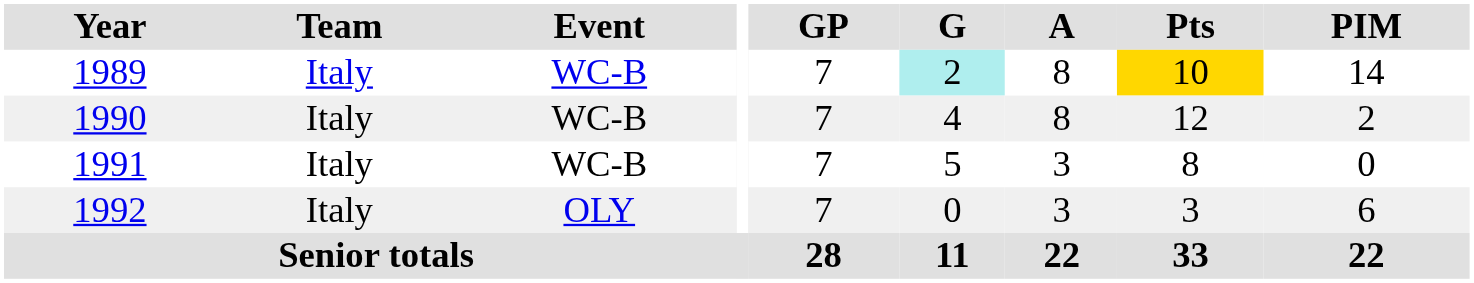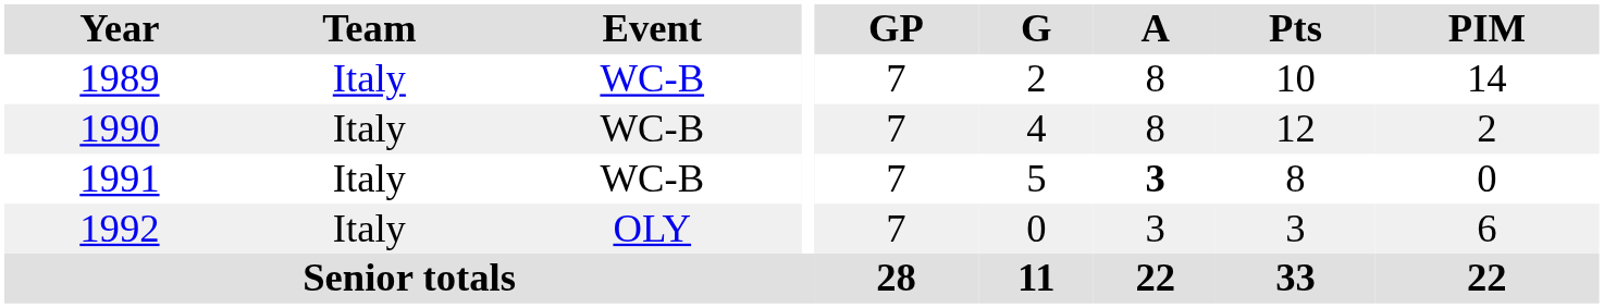 <table border="0" cellpadding="1" cellspacing="0" ID="Table3" style="text-align:center; width:40em">
 <tr bgcolor="#e0e0e0">
 <th>Year</th>
 <th>Team</th>
 <th>Event</th>
 <th rowspan="102" bgcolor="#ffffff"></th>
 <th>GP</th>
 <th>G</th>
 <th>A</th>
 <th>Pts</th>
 <th>PIM</th>
 </tr>
 <tr>
 <td><a href='#'>1989</a></td>
 <td><a href='#'>Italy</a></td>
 <td><a href='#'>WC-B</a></td>
 <td>7</td>
-<td style="background: paleturquoise;">2</td>
+<td>2</td>
 <td>8</td>
-<td style="background: gold;">10</td>
+<td>10</td>
 <td>14</td>
 </tr>
 <tr bgcolor="#f0f0f0">
 <td><a href='#'>1990</a></td>
 <td>Italy</td>
 <td>WC-B</td>
 <td>7</td>
 <td>4</td>
 <td>8</td>
 <td>12</td>
 <td>2</td>
 </tr>
 <tr>
 <td><a href='#'>1991</a></td>
 <td>Italy</td>
 <td>WC-B</td>
 <td>7</td>
 <td>5</td>
-<td>3</td>
+<td><strong>3</strong></td>
 <td>8</td>
 <td>0</td>
 </tr>
 <tr bgcolor="#f0f0f0">
 <td><a href='#'>1992</a></td>
 <td>Italy</td>
 <td><a href='#'>OLY</a></td>
 <td>7</td>
 <td>0</td>
 <td>3</td>
 <td>3</td>
 <td>6</td>
 </tr>
 <tr bgcolor="#e0e0e0">
 <th colspan="4">Senior totals</th>
 <th>28</th>
 <th>11</th>
 <th>22</th>
 <th>33</th>
 <th>22</th>
 </tr>
 </table>
